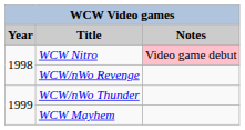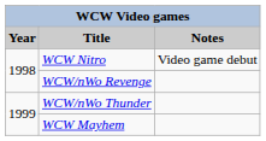 <table class="wikitable sortable">
 <tr style="text-align:center;">
 <th colspan=4 style="background:#B0C4DE;">WCW Video games</th>
 </tr>
 <tr style="text-align:center;">
 <th style="background:#ccc;">Year</th>
 <th style="background:#ccc;">Title</th>
 <th style="background:#ccc;">Notes</th>
 </tr>
 <tr>
 <td rowspan="2">1998</td>
 <td><em><a href='#'>WCW Nitro</a></em></td>
-<td style="background: pink;">Video game debut</td>
+<td>Video game debut</td>
 </tr>
 <tr>
 <td><em><a href='#'>WCW/nWo Revenge</a></em></td>
 <td></td>
 </tr>
 <tr>
 <td rowspan="3">1999</td>
 <td><em><a href='#'>WCW/nWo Thunder</a></em></td>
 <td></td>
 </tr>
 <tr>
 <td><em><a href='#'>WCW Mayhem</a></em></td>
 <td></td>
 </tr>
 </table>
